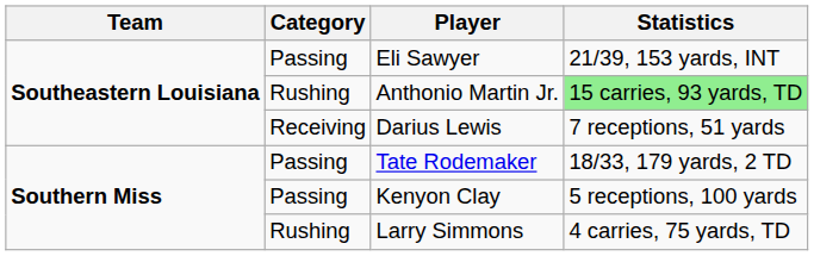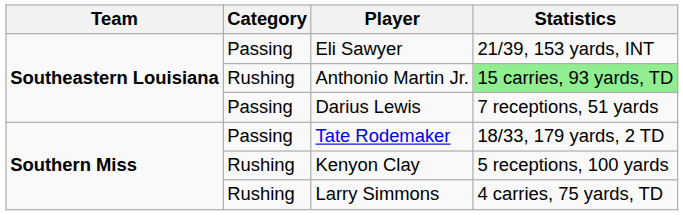 <table class="wikitable" style="float: right;">
 <tr>
 <th>Team</th>
 <th>Category</th>
 <th>Player</th>
 <th>Statistics</th>
 </tr>
 <tr>
 <td rowspan=3><strong>Southeastern Louisiana</strong></td>
 <td>Passing</td>
 <td>Eli Sawyer</td>
 <td>21/39, 153 yards, INT</td>
 </tr>
 <tr>
 <td>Rushing</td>
 <td>Anthonio Martin Jr.</td>
 <td style="background: lightgreen;">15 carries, 93 yards, TD</td>
 </tr>
 <tr>
-<td>Receiving</td>
+<td>Passing</td>
 <td>Darius Lewis</td>
 <td>7 receptions, 51 yards</td>
 </tr>
 <tr>
 <td rowspan=3><strong>Southern Miss</strong></td>
 <td>Passing</td>
 <td><a href='#'>Tate Rodemaker</a></td>
 <td>18/33, 179 yards, 2 TD</td>
 </tr>
 <tr>
-<td>Passing</td>
+<td>Rushing</td>
 <td>Kenyon Clay</td>
 <td>5 receptions, 100 yards</td>
 </tr>
 <tr>
 <td>Rushing</td>
 <td>Larry Simmons</td>
 <td>4 carries, 75 yards, TD</td>
 </tr>
 </table>
